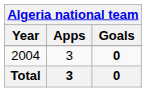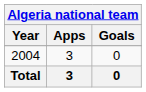 <table class="wikitable" style="text-align:center">
 <tr>
 <th colspan=3><a href='#'>Algeria national team</a></th>
 </tr>
 <tr>
 <th>Year</th>
 <th>Apps</th>
 <th>Goals</th>
 </tr>
 <tr>
 </tr>
 <tr>
 <td>2004</td>
 <td>3</td>
-<td><strong>0</strong></td>
+<td>0</td>
 </tr>
 <tr>
 <th>Total</th>
 <th>3</th>
 <th>0</th>
 </tr>
 </table>
